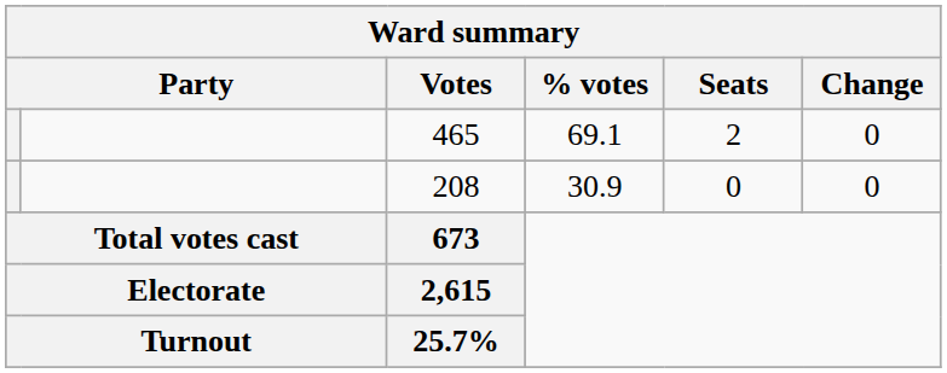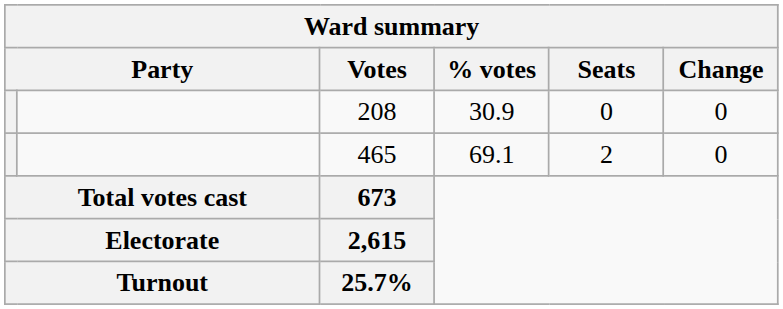 <table class="wikitable" style="font-size: 95%;">
 <tr style="background-color:#E9E9E9">
 <th colspan="6">Ward summary</th>
 </tr>
 <tr style="background-color:#E9E9E9">
 <th colspan="2">Party</th>
 <th style="width: 60px">Votes</th>
 <th style="width: 60px">% votes</th>
 <th style="width: 60px">Seats</th>
 <th style="width: 60px">Change</th>
 </tr>
 <tr>
 <th style="background-color: "></th>
 <td style="width: 170px"><a href='#'></a></td>
-<td align="center">465</td>
-<td align="center">69.1</td>
-<td align="center">2</td>
+<td align="center">208</td>
+<td align="center">30.9</td>
+<td align="center">0</td>
 <td align="center">0</td>
 </tr>
 <tr>
 <th style="background-color: "></th>
 <td style="width: 170px"><a href='#'></a></td>
-<td align="center">208</td>
-<td align="center">30.9</td>
-<td align="center">0</td>
+<td align="center">465</td>
+<td align="center">69.1</td>
+<td align="center">2</td>
 <td align="center">0</td>
 </tr>
 <tr style="background-color:#E9E9E9">
 <th colspan="2">Total votes cast</th>
 <th style="width: 60px">673</th>
 </tr>
 <tr style="background-color:#E9E9E9">
 <th colspan="2">Electorate</th>
 <th style="width: 60px">2,615</th>
 </tr>
 <tr style="background-color:#E9E9E9">
 <th colspan="2">Turnout</th>
 <th style="width: 60px">25.7%</th>
 </tr>
 </table>
